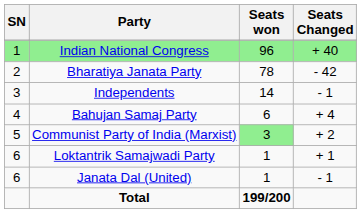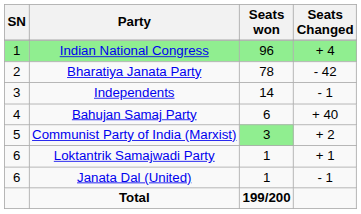 <table class="wikitable sortable" style="text-align:center;">
 <tr bgcolor="#cccccc">
 <th>SN</th>
 <th>Party</th>
 <th>Seats<br>won</th>
 <th>Seats<br> Changed</th>
 </tr>
 <tr>
 </tr>
 <tr style="background: #90EE90;">
 <td>1</td>
 <td><a href='#'>Indian National Congress</a></td>
 <td>96</td>
-<td>+ 40</td>
+<td>+ 4</td>
 </tr>
 <tr>
 <td>2</td>
 <td><a href='#'>Bharatiya Janata Party</a></td>
 <td>78</td>
 <td>- 42</td>
 </tr>
 <tr>
 <td>3</td>
 <td><a href='#'>Independents</a></td>
 <td>14</td>
 <td>- 1</td>
 </tr>
 <tr>
 <td>4</td>
 <td><a href='#'>Bahujan Samaj Party</a></td>
 <td>6</td>
-<td>+ 4</td>
+<td>+ 40</td>
 </tr>
 <tr>
 <td>5</td>
 <td><a href='#'>Communist Party of India (Marxist)</a></td>
 <td style="background: lightgreen;">3</td>
 <td>+ 2</td>
 </tr>
 <tr>
 <td>6</td>
 <td><a href='#'>Loktantrik Samajwadi Party</a></td>
 <td>1</td>
 <td>+ 1</td>
 </tr>
 <tr>
 <td>6</td>
 <td><a href='#'>Janata Dal (United)</a></td>
 <td>1</td>
 <td>- 1</td>
 </tr>
 <tr>
 <td></td>
 <td><strong>Total</strong></td>
 <td><strong>199/200</strong></td>
 <td></td>
 </tr>
 </table>
